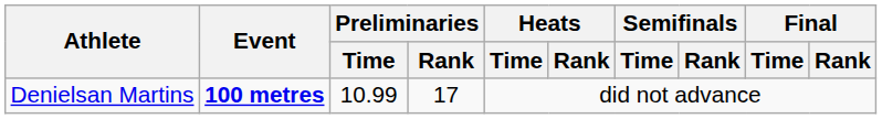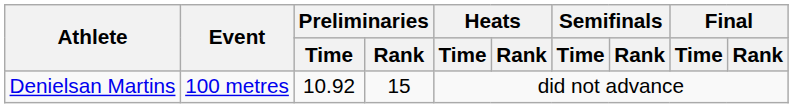 <table class=wikitable style="font-size:90%;">
 <tr>
 <th rowspan=2>Athlete</th>
 <th rowspan=2>Event</th>
 <th colspan=2>Preliminaries</th>
 <th colspan=2>Heats</th>
 <th colspan=2>Semifinals</th>
 <th colspan=2>Final</th>
 </tr>
 <tr>
 <th>Time</th>
 <th>Rank</th>
 <th>Time</th>
 <th>Rank</th>
 <th>Time</th>
 <th>Rank</th>
 <th>Time</th>
 <th>Rank</th>
 </tr>
 <tr>
 <td><a href='#'>Denielsan Martins</a></td>
-<td><strong><a href='#'>100 metres</a></strong></td>
-<td align="center">10.99</td>
-<td align="center">17</td>
+<td><a href='#'>100 metres</a></td>
+<td align="center">10.92</td>
+<td align="center">15</td>
 <td align="center" colspan=6>did not advance</td>
 </tr>
 </table>
